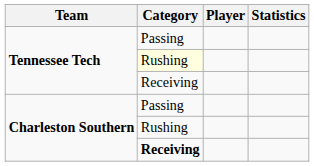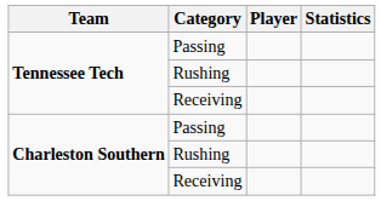 <table class="wikitable" style="float: right;">
 <tr>
 <th>Team</th>
 <th>Category</th>
 <th>Player</th>
 <th>Statistics</th>
 </tr>
 <tr>
 <td rowspan=3><strong>Tennessee Tech</strong></td>
 <td>Passing</td>
 <td></td>
 <td></td>
 </tr>
 <tr>
-<td style="background: lightyellow;">Rushing</td>
+<td>Rushing</td>
 <td></td>
 <td></td>
 </tr>
 <tr>
 <td>Receiving</td>
 <td></td>
 <td></td>
 </tr>
 <tr>
 <td rowspan=3><strong>Charleston Southern</strong></td>
 <td>Passing</td>
 <td></td>
 <td></td>
 </tr>
 <tr>
 <td>Rushing</td>
 <td></td>
 <td></td>
 </tr>
 <tr>
-<td><strong>Receiving</strong></td>
+<td>Receiving</td>
 <td></td>
 <td></td>
 </tr>
 </table>
